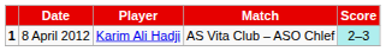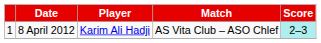 <table border="0" class="wikitable" style="text-align:center;font-size:95%">
 <tr>
 <th style="color:#FFFFFF; background:#E60000;"></th>
 <th style="color:#FFFFFF; background:#E60000;">Date</th>
 <th style="color:#FFFFFF; background:#E60000;">Player</th>
 <th style="color:#FFFFFF; background:#E60000;">Match</th>
 <th width="35" style="color:#FFFFFF; background:#E60000;">Score</th>
 </tr>
 <tr>
-<td align=left><strong>1</strong></td>
+<td align=left>1</td>
 <td align=left>8 April 2012</td>
 <td align=left><a href='#'>Karim Ali Hadji</a></td>
 <td align=left>AS Vita Club – ASO Chlef</td>
 <td align=center style="background: paleturquoise;">2–3</td>
 </tr>
 <tr>
 </tr>
 </table>
